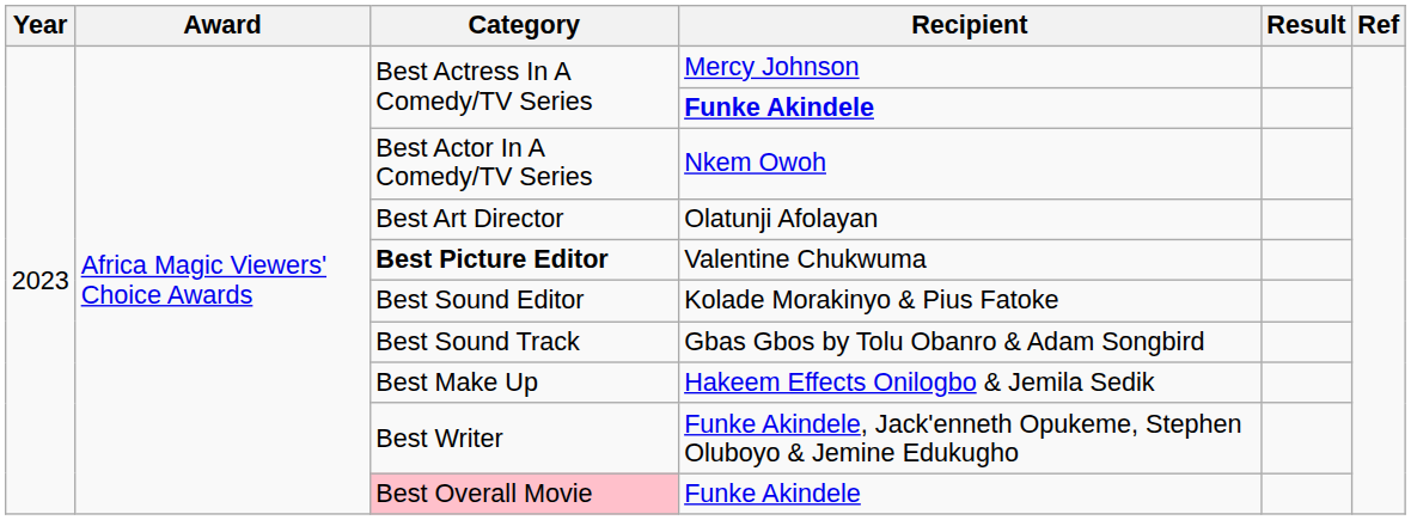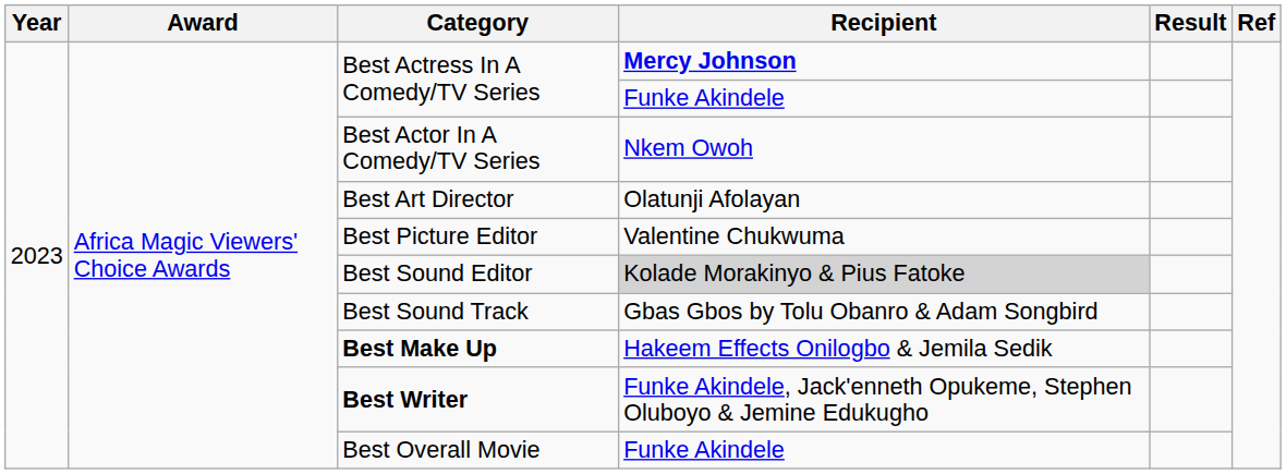 <table class="wikitable">
 <tr>
 <th>Year</th>
 <th>Award</th>
 <th>Category</th>
 <th>Recipient</th>
 <th>Result</th>
 <th>Ref</th>
 </tr>
 <tr>
 <td rowspan="13">2023</td>
 <td rowspan="13"><a href='#'>Africa Magic Viewers' Choice Awards</a></td>
 <td rowspan="2">Best Actress In A Comedy/TV Series</td>
-<td><a href='#'>Mercy Johnson</a></td>
+<td><strong><a href='#'>Mercy Johnson</a></strong></td>
 <td></td>
 <td rowspan="13"></td>
 </tr>
 <tr>
-<td><strong><a href='#'>Funke Akindele</a></strong></td>
+<td><a href='#'>Funke Akindele</a></td>
 <td></td>
 </tr>
 <tr>
 <td>Best Actor In A Comedy/TV Series</td>
 <td><a href='#'>Nkem Owoh</a></td>
 <td></td>
 </tr>
 <tr>
 <td>Best Art Director</td>
 <td>Olatunji Afolayan</td>
 <td></td>
 </tr>
 <tr>
-<td><strong>Best Picture Editor</strong></td>
+<td>Best Picture Editor</td>
 <td>Valentine Chukwuma</td>
 <td></td>
 </tr>
 <tr>
 <td>Best Sound Editor</td>
-<td>Kolade Morakinyo & Pius Fatoke</td>
+<td style="background: lightgrey;">Kolade Morakinyo & Pius Fatoke</td>
 <td></td>
 </tr>
 <tr>
 <td>Best Sound Track</td>
 <td>Gbas Gbos by Tolu Obanro & Adam Songbird</td>
 <td></td>
 </tr>
 <tr>
-<td>Best Make Up</td>
+<td><strong>Best Make Up</strong></td>
 <td><a href='#'>Hakeem Effects Onilogbo</a> & Jemila Sedik</td>
 <td></td>
 </tr>
 <tr>
-<td>Best Writer</td>
+<td><strong>Best Writer</strong></td>
 <td><a href='#'>Funke Akindele</a>, Jack'enneth Opukeme, Stephen Oluboyo & Jemine Edukugho</td>
 <td></td>
 </tr>
 <tr>
-<td style="background: pink;">Best Overall Movie</td>
+<td>Best Overall Movie</td>
 <td><a href='#'>Funke Akindele</a></td>
 <td></td>
 </tr>
 </table>
